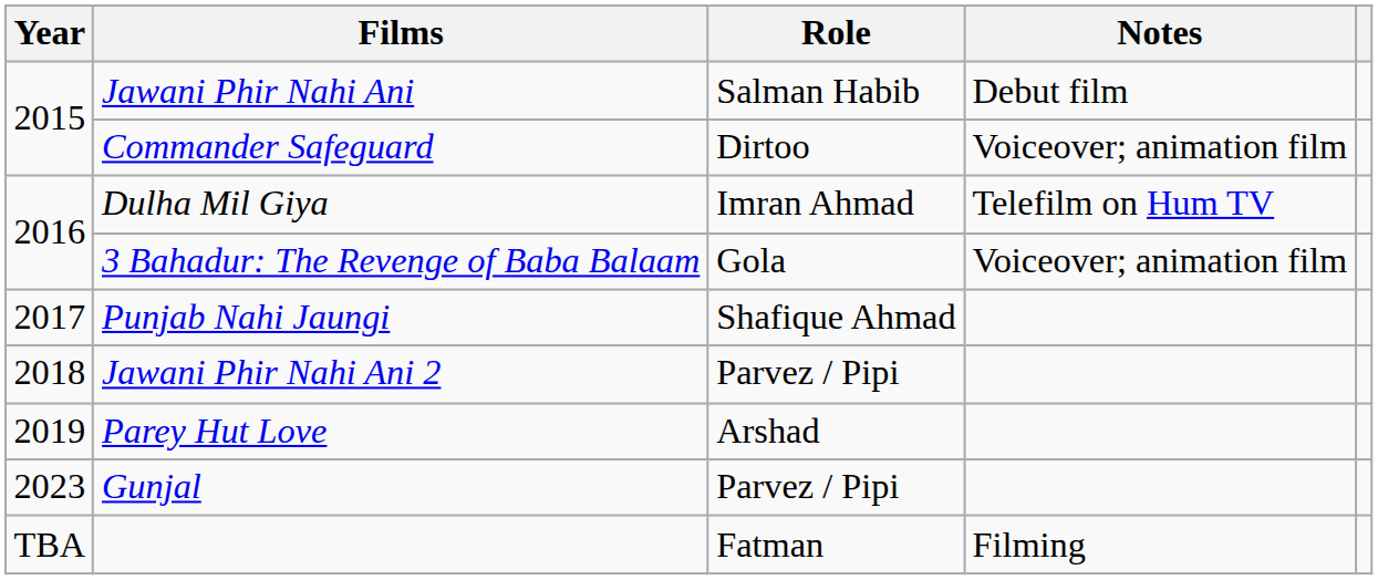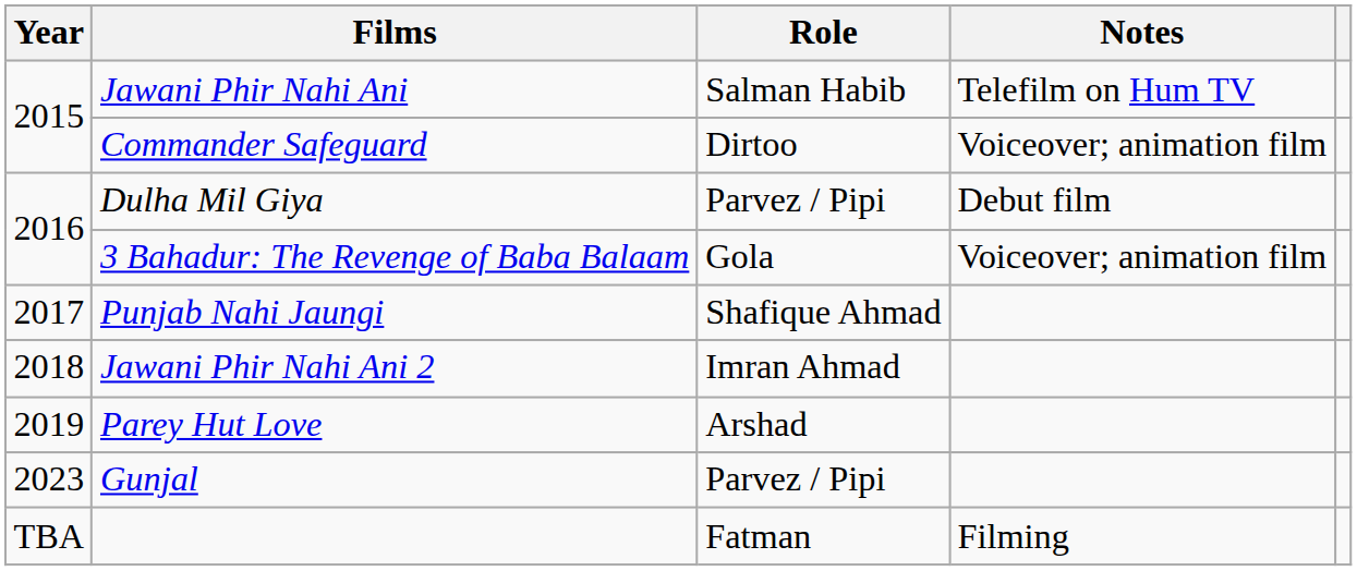 <table class="wikitable">
 <tr>
 <th>Year</th>
 <th>Films</th>
 <th>Role</th>
 <th>Notes</th>
 <th></th>
 </tr>
 <tr>
 <td rowspan="2">2015</td>
 <td><em><a href='#'>Jawani Phir Nahi Ani</a></em></td>
 <td>Salman Habib</td>
-<td>Debut film</td>
+<td>Telefilm on <a href='#'>Hum TV</a></td>
 <td></td>
 </tr>
 <tr>
 <td><em><a href='#'>Commander Safeguard</a></em></td>
 <td>Dirtoo</td>
 <td>Voiceover; animation film</td>
 <td></td>
 </tr>
 <tr>
 <td rowspan="2">2016</td>
 <td><em>Dulha Mil Giya</em></td>
-<td>Imran Ahmad</td>
-<td>Telefilm on <a href='#'>Hum TV</a></td>
+<td>Parvez / Pipi</td>
+<td>Debut film</td>
 <td></td>
 </tr>
 <tr>
 <td><em><a href='#'>3 Bahadur: The Revenge of Baba Balaam</a></em></td>
 <td>Gola</td>
 <td>Voiceover; animation film</td>
 <td></td>
 </tr>
 <tr>
 <td>2017</td>
 <td><em><a href='#'>Punjab Nahi Jaungi</a></em></td>
 <td>Shafique Ahmad</td>
 <td></td>
 <td></td>
 </tr>
 <tr>
 <td>2018</td>
 <td><em><a href='#'>Jawani Phir Nahi Ani 2</a></em></td>
-<td>Parvez / Pipi</td>
+<td>Imran Ahmad</td>
 <td></td>
 <td></td>
 </tr>
 <tr>
 <td>2019</td>
 <td><em><a href='#'>Parey Hut Love</a></em></td>
 <td>Arshad</td>
 <td></td>
 <td></td>
 </tr>
 <tr>
 <td>2023</td>
 <td><em><a href='#'>Gunjal</a></em></td>
 <td>Parvez / Pipi</td>
 <td></td>
 <td></td>
 </tr>
 <tr>
 <td>TBA</td>
 <td></td>
 <td>Fatman</td>
 <td>Filming</td>
 <td></td>
 </tr>
 </table>
